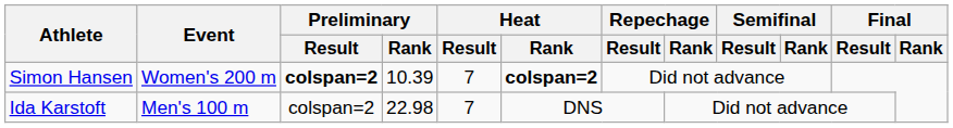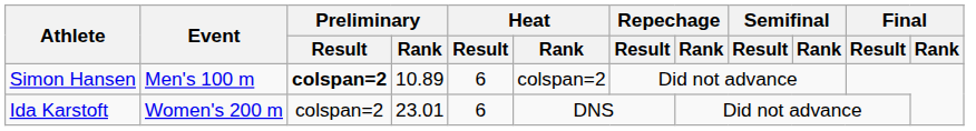 <table class="wikitable" style="font-size:90%">
 <tr>
 <th rowspan="2">Athlete</th>
 <th rowspan="2">Event</th>
 <th colspan="2">Preliminary</th>
 <th colspan="2">Heat</th>
 <th colspan="2">Repechage</th>
 <th colspan="2">Semifinal</th>
 <th colspan="2">Final</th>
 </tr>
 <tr style="font-size:95%">
 <th>Result</th>
 <th>Rank</th>
 <th>Result</th>
 <th>Rank</th>
 <th>Result</th>
 <th>Rank</th>
 <th>Result</th>
 <th>Rank</th>
 <th>Result</th>
 <th>Rank</th>
 </tr>
 <tr align=center>
 <td align=left><a href='#'>Simon Hansen</a></td>
-<td align=left><a href='#'>Women's 200 m</a></td>
+<td align=left><a href='#'>Men's 100 m</a></td>
 <td><strong>colspan=2 </strong></td>
-<td>10.39</td>
-<td>7</td>
-<td><strong>colspan=2 </strong></td>
+<td>10.89</td>
+<td>6</td>
+<td>colspan=2 </td>
 <td colspan=4>Did not advance</td>
 </tr>
 <tr align=center>
 <td align=left><a href='#'>Ida Karstoft</a></td>
-<td align=left><a href='#'>Men's 100 m</a></td>
+<td align=left><a href='#'>Women's 200 m</a></td>
 <td>colspan=2 </td>
-<td>22.98</td>
-<td>7</td>
+<td>23.01</td>
+<td>6</td>
 <td colspan=2>DNS</td>
 <td colspan=4>Did not advance</td>
 </tr>
 </table>
